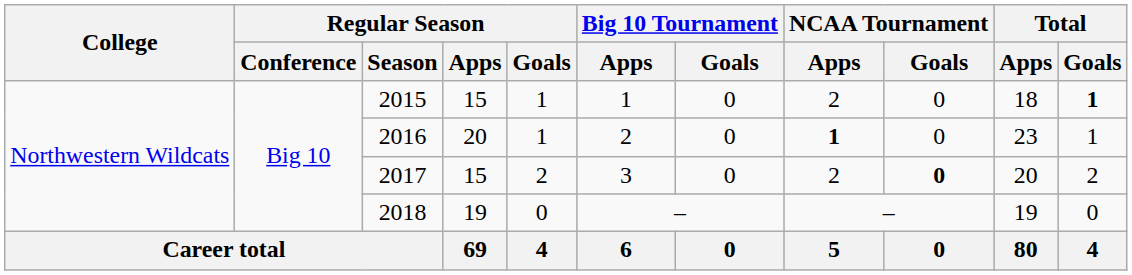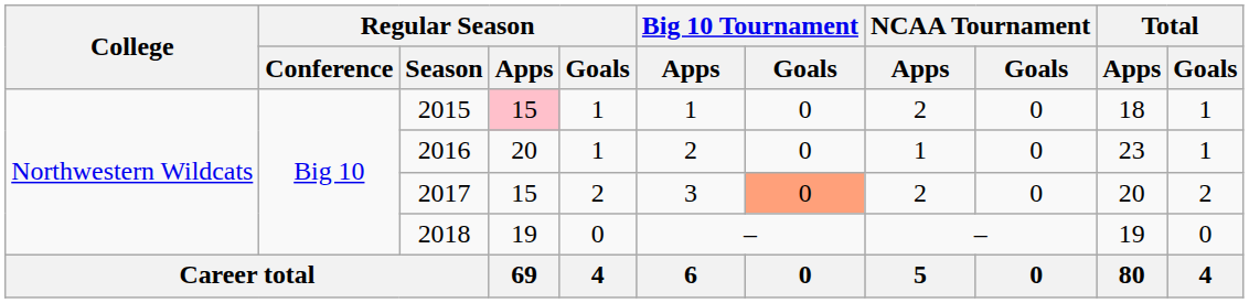 <table class="wikitable" style="text-align: center;">
 <tr>
 <th rowspan="2">College</th>
 <th colspan="4">Regular Season</th>
 <th colspan="2"><a href='#'>Big 10 Tournament</a></th>
 <th colspan="2">NCAA Tournament</th>
 <th colspan="2">Total</th>
 </tr>
 <tr>
 <th>Conference</th>
 <th>Season</th>
 <th>Apps</th>
 <th>Goals</th>
 <th>Apps</th>
 <th>Goals</th>
 <th>Apps</th>
 <th>Goals</th>
 <th>Apps</th>
 <th>Goals</th>
 </tr>
 <tr>
 <td rowspan="4"><a href='#'>Northwestern Wildcats</a></td>
 <td rowspan="4"><a href='#'>Big 10</a></td>
 <td>2015</td>
-<td>15</td>
+<td style="background: pink;">15</td>
 <td>1</td>
 <td>1</td>
 <td>0</td>
 <td>2</td>
 <td>0</td>
 <td>18</td>
-<td><strong>1</strong></td>
+<td>1</td>
 </tr>
 <tr>
 <td>2016</td>
 <td>20</td>
 <td>1</td>
 <td>2</td>
 <td>0</td>
-<td><strong>1</strong></td>
+<td>1</td>
 <td>0</td>
 <td>23</td>
 <td>1</td>
 </tr>
 <tr>
 <td>2017</td>
 <td>15</td>
 <td>2</td>
 <td>3</td>
+<td style="background: lightsalmon;">0</td>
+<td>2</td>
 <td>0</td>
-<td>2</td>
-<td><strong>0</strong></td>
 <td>20</td>
 <td>2</td>
 </tr>
 <tr>
 <td>2018</td>
 <td>19</td>
 <td>0</td>
 <td colspan="2">–</td>
 <td colspan="2">–</td>
 <td>19</td>
 <td>0</td>
 </tr>
 <tr>
 <th colspan="3">Career total</th>
 <th>69</th>
 <th>4</th>
 <th>6</th>
 <th>0</th>
 <th>5</th>
 <th>0</th>
 <th>80</th>
 <th>4</th>
 </tr>
 </table>
